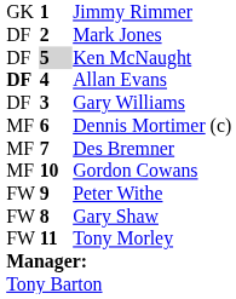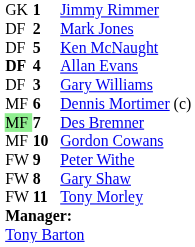 <table style="font-size: 90%" cellspacing="0" cellpadding="0" align=center>
 <tr>
 <td colspan="3"></td>
 </tr>
 <tr>
 <th width="25"></th>
 <th width="25"></th>
 </tr>
 <tr>
 <td>GK</td>
 <td><strong>1</strong></td>
 <td> <a href='#'>Jimmy Rimmer</a></td>
 </tr>
 <tr>
 <td>DF</td>
 <td><strong>2</strong></td>
 <td> <a href='#'>Mark Jones</a></td>
 </tr>
 <tr>
 <td>DF</td>
-<td style="background: lightgrey;"><strong>5</strong></td>
+<td><strong>5</strong></td>
 <td> <a href='#'>Ken McNaught</a></td>
 </tr>
 <tr>
 <td><strong>DF</strong></td>
 <td><strong>4</strong></td>
 <td> <a href='#'>Allan Evans</a></td>
 </tr>
 <tr>
 <td>DF</td>
 <td><strong>3</strong></td>
 <td> <a href='#'>Gary Williams</a></td>
 </tr>
 <tr>
 <td>MF</td>
 <td><strong>6</strong></td>
 <td> <a href='#'>Dennis Mortimer</a> (c)</td>
 </tr>
 <tr>
-<td>MF</td>
+<td style="background: lightgreen;">MF</td>
 <td><strong>7</strong></td>
 <td> <a href='#'>Des Bremner</a></td>
 </tr>
 <tr>
 <td>MF</td>
 <td><strong>10</strong></td>
 <td> <a href='#'>Gordon Cowans</a></td>
 </tr>
 <tr>
 <td>FW</td>
 <td><strong>9</strong></td>
 <td> <a href='#'>Peter Withe</a></td>
 </tr>
 <tr>
 <td>FW</td>
 <td><strong>8</strong></td>
 <td> <a href='#'>Gary Shaw</a></td>
 </tr>
 <tr>
 <td>FW</td>
 <td><strong>11</strong></td>
 <td> <a href='#'>Tony Morley</a></td>
 </tr>
 <tr>
 <td colspan=4><strong>Manager:</strong></td>
 </tr>
 <tr>
 <td colspan="4"> <a href='#'>Tony Barton</a></td>
 </tr>
 </table>
